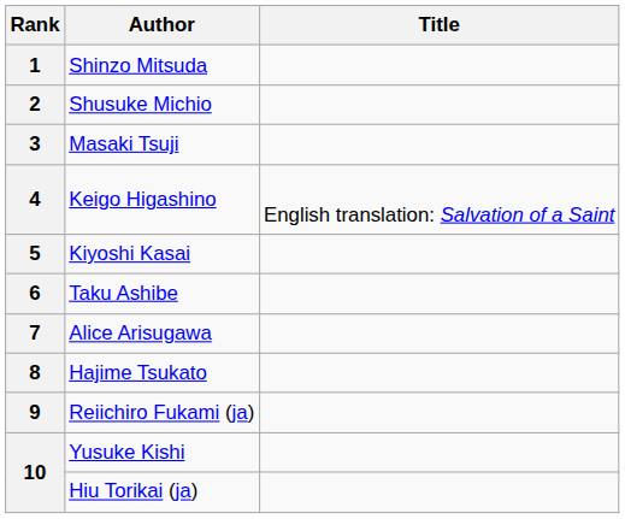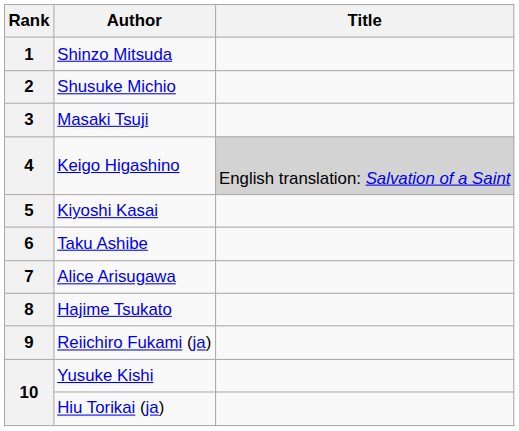 <table class="wikitable sortable" style="font-size:1.00em; line-height:1.5em;">
 <tr>
 <th>Rank</th>
 <th>Author</th>
 <th>Title</th>
 </tr>
 <tr>
 <th>1</th>
 <td><a href='#'>Shinzo Mitsuda</a></td>
 <td></td>
 </tr>
 <tr>
 <th>2</th>
 <td><a href='#'>Shusuke Michio</a></td>
 <td></td>
 </tr>
 <tr>
 <th>3</th>
 <td><a href='#'>Masaki Tsuji</a></td>
 <td></td>
 </tr>
 <tr>
 <th>4</th>
 <td><a href='#'>Keigo Higashino</a></td>
-<td><br>English translation: <em><a href='#'>Salvation of a Saint</a></em></td>
+<td style="background: lightgrey;"><br>English translation: <em><a href='#'>Salvation of a Saint</a></em></td>
 </tr>
 <tr>
 <th>5</th>
 <td><a href='#'>Kiyoshi Kasai</a></td>
 <td></td>
 </tr>
 <tr>
 <th>6</th>
 <td><a href='#'>Taku Ashibe</a></td>
 <td></td>
 </tr>
 <tr>
 <th>7</th>
 <td><a href='#'>Alice Arisugawa</a></td>
 <td></td>
 </tr>
 <tr>
 <th>8</th>
 <td><a href='#'>Hajime Tsukato</a></td>
 <td></td>
 </tr>
 <tr>
 <th>9</th>
 <td><a href='#'>Reiichiro Fukami</a> (<a href='#'>ja</a>)</td>
 <td></td>
 </tr>
 <tr>
 <th rowspan=2>10</th>
 <td><a href='#'>Yusuke Kishi</a></td>
 <td></td>
 </tr>
 <tr>
 <td><a href='#'>Hiu Torikai</a> (<a href='#'>ja</a>)</td>
 <td></td>
 </tr>
 </table>
